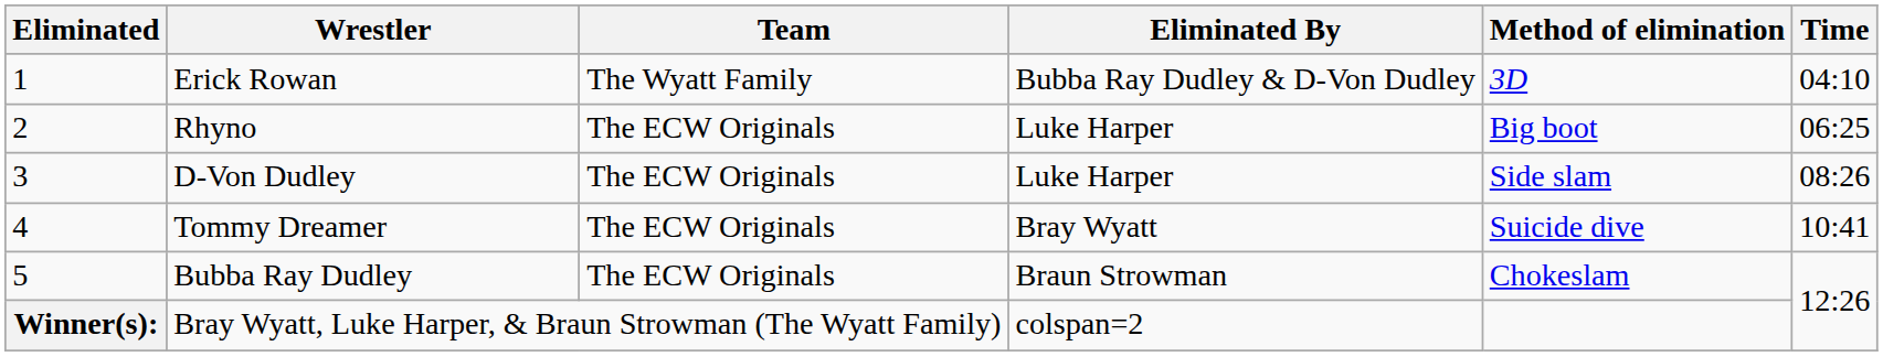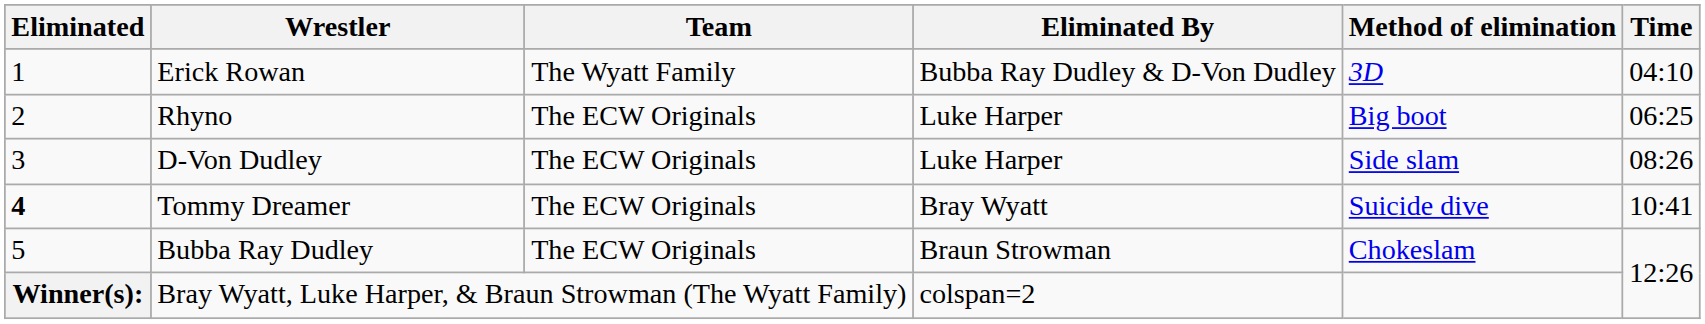 <table class="wikitable">
 <tr>
 <th><strong>Eliminated</strong></th>
 <th><strong>Wrestler</strong></th>
 <th><strong>Team</strong></th>
 <th><strong>Eliminated By</strong></th>
 <th><strong>Method of elimination</strong></th>
 <th><strong>Time</strong></th>
 </tr>
 <tr>
 <td>1</td>
 <td>Erick Rowan</td>
 <td>The Wyatt Family</td>
 <td>Bubba Ray Dudley & D-Von Dudley</td>
 <td><em><a href='#'>3D</a></em></td>
 <td>04:10</td>
 </tr>
 <tr>
 <td>2</td>
 <td>Rhyno</td>
 <td>The ECW Originals</td>
 <td>Luke Harper</td>
 <td><a href='#'>Big boot</a></td>
 <td>06:25</td>
 </tr>
 <tr>
 <td>3</td>
 <td>D-Von Dudley</td>
 <td>The ECW Originals</td>
 <td>Luke Harper</td>
 <td><a href='#'>Side slam</a></td>
 <td>08:26</td>
 </tr>
 <tr>
-<td>4</td>
+<td><strong>4</strong></td>
 <td>Tommy Dreamer</td>
 <td>The ECW Originals</td>
 <td>Bray Wyatt</td>
 <td><a href='#'>Suicide dive</a></td>
 <td>10:41</td>
 </tr>
 <tr>
 <td>5</td>
 <td>Bubba Ray Dudley</td>
 <td>The ECW Originals</td>
 <td>Braun Strowman</td>
 <td><a href='#'>Chokeslam</a></td>
 <td rowspan=2>12:26</td>
 </tr>
 <tr>
 <th>Winner(s):</th>
 <td colspan="2" align=center>Bray Wyatt, Luke Harper, & Braun Strowman (The Wyatt Family)</td>
 <td>colspan=2 </td>
 </tr>
 </table>
